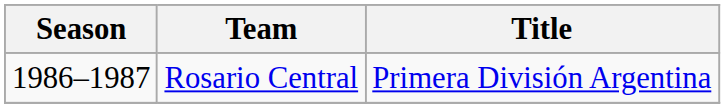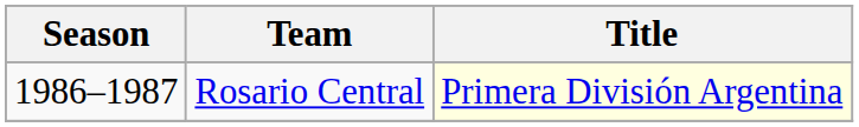 <table class="wikitable">
 <tr>
 <th>Season</th>
 <th>Team</th>
 <th>Title</th>
 </tr>
 <tr>
 <td>1986–1987</td>
 <td><a href='#'>Rosario Central</a></td>
-<td><a href='#'>Primera División Argentina</a></td>
+<td style="background: lightyellow;"><a href='#'>Primera División Argentina</a></td>
 </tr>
 <tr>
 </tr>
 </table>
